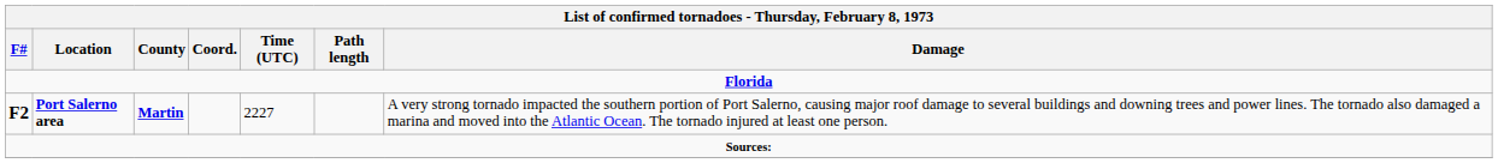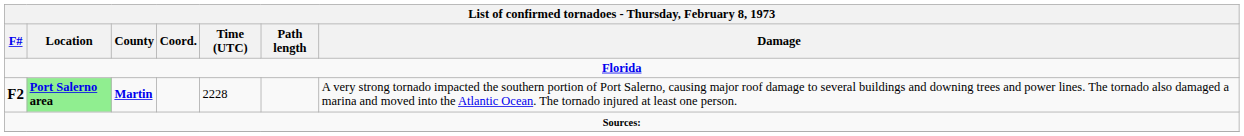 <table class="wikitable collapsible" width="100%">
 <tr>
 <th colspan="7">List of confirmed tornadoes - Thursday, February 8, 1973</th>
 </tr>
 <tr>
 <th><a href='#'>F#</a></th>
 <th>Location</th>
 <th>County</th>
 <th>Coord.</th>
 <th>Time (UTC)</th>
 <th>Path length</th>
 <th>Damage</th>
 </tr>
 <tr>
 <td colspan="7" align=center><strong><a href='#'>Florida</a></strong></td>
 </tr>
 <tr>
 <td><big><strong>F2</strong></big></td>
-<td><strong><a href='#'>Port Salerno</a> area</strong></td>
+<td style="background: lightgreen;"><strong><a href='#'>Port Salerno</a> area</strong></td>
 <td><strong><a href='#'>Martin</a></strong></td>
 <td></td>
-<td>2227</td>
+<td>2228</td>
 <td></td>
 <td>A very strong tornado impacted the southern portion of Port Salerno, causing major roof damage to several buildings and downing trees and power lines. The tornado also damaged a marina and moved into the <a href='#'>Atlantic Ocean</a>. The tornado injured at least one person.</td>
 </tr>
 <tr>
 <td colspan="7" align=center><small><strong>Sources:</strong> </small></td>
 </tr>
 <tr>
 </tr>
 </table>
